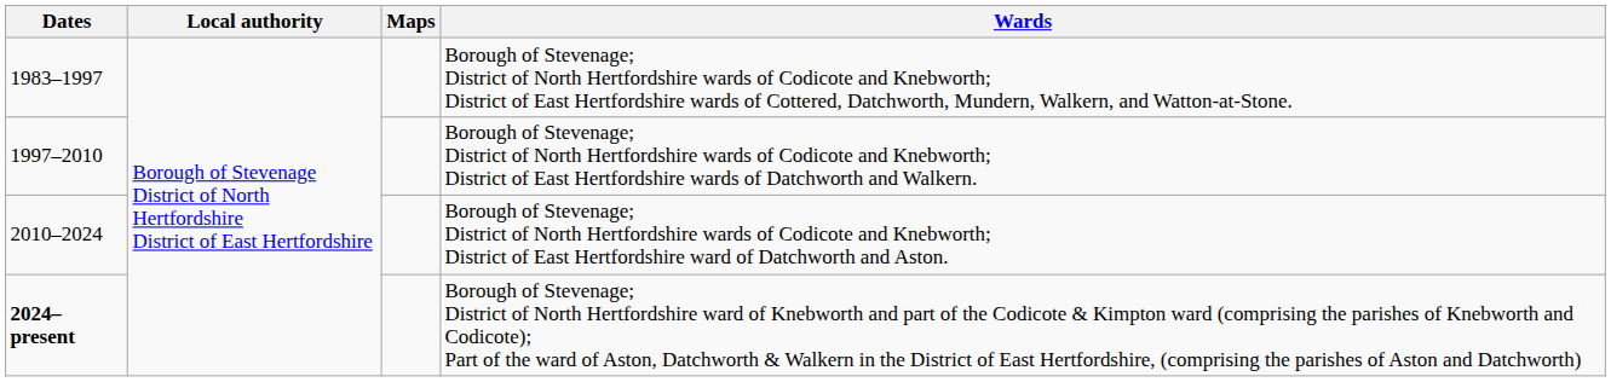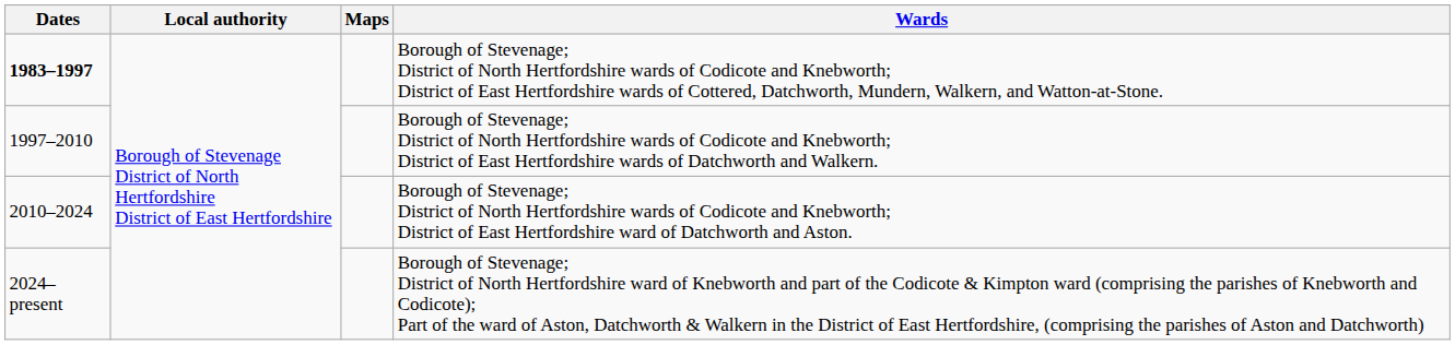 <table class=wikitable>
 <tr>
 <th>Dates</th>
 <th>Local authority</th>
 <th>Maps</th>
 <th><a href='#'>Wards</a></th>
 </tr>
 <tr>
-<td>1983–1997</td>
+<td><strong>1983–1997</strong></td>
 <td rowspan="4"><a href='#'>Borough of Stevenage</a><br><a href='#'>District of North Hertfordshire</a><br><a href='#'>District of East Hertfordshire</a></td>
 <td></td>
 <td>Borough of Stevenage;<br>District of North Hertfordshire wards of Codicote and Knebworth;<br>District of East Hertfordshire wards of Cottered, Datchworth, Mundern, Walkern, and Watton-at-Stone.</td>
 </tr>
 <tr>
 <td>1997–2010</td>
 <td></td>
 <td>Borough of Stevenage;<br>District of North Hertfordshire wards of Codicote and Knebworth;<br>District of East Hertfordshire wards of Datchworth and Walkern.</td>
 </tr>
 <tr>
 <td>2010–2024</td>
 <td></td>
 <td>Borough of Stevenage;<br>District of North Hertfordshire wards of Codicote and Knebworth;<br>District of East Hertfordshire ward of Datchworth and Aston.</td>
 </tr>
 <tr>
-<td><strong>2024–present</strong></td>
+<td>2024–present</td>
 <td></td>
 <td>Borough of Stevenage;<br>District of North Hertfordshire ward of Knebworth and part of the Codicote & Kimpton ward (comprising the parishes of Knebworth and Codicote);<br>Part of the ward of Aston, Datchworth & Walkern in the District of East Hertfordshire, (comprising the parishes of Aston and Datchworth)</td>
 </tr>
 </table>
